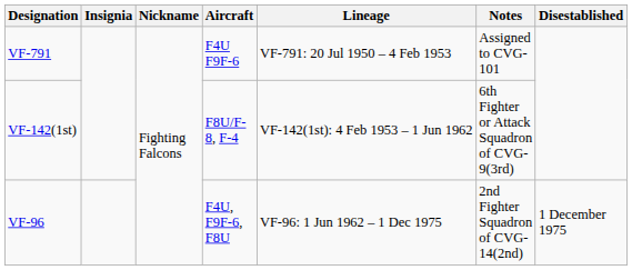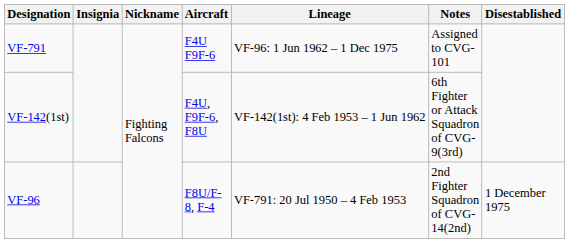 <table class="wikitable">
 <tr>
 <th>Designation</th>
 <th>Insignia</th>
 <th>Nickname</th>
 <th>Aircraft</th>
 <th>Lineage</th>
 <th>Notes</th>
 <th>Disestablished</th>
 </tr>
 <tr>
 <td><a href='#'>VF-791</a></td>
 <td rowspan="2"></td>
 <td rowspan="3">Fighting Falcons</td>
 <td><a href='#'>F4U</a><br><a href='#'>F9F-6</a></td>
-<td>VF-791: 20 Jul 1950 – 4 Feb 1953</td>
+<td>VF-96: 1 Jun 1962 – 1 Dec 1975</td>
 <td>Assigned to CVG-101</td>
 </tr>
 <tr>
 <td><a href='#'>VF-142</a>(1st)</td>
-<td><a href='#'>F8U/F-8</a>, <a href='#'>F-4</a></td>
+<td><a href='#'>F4U</a>, <a href='#'>F9F-6</a>, <a href='#'>F8U</a></td>
 <td style="white-space: nowrap;">VF-142(1st): 4 Feb 1953 – 1 Jun 1962</td>
 <td>6th Fighter or Attack Squadron of CVG-9(3rd)</td>
 </tr>
 <tr>
 <td><a href='#'>VF-96</a></td>
 <td></td>
-<td><a href='#'>F4U</a>, <a href='#'>F9F-6</a>, <a href='#'>F8U</a></td>
-<td>VF-96: 1 Jun 1962 – 1 Dec 1975</td>
+<td><a href='#'>F8U/F-8</a>, <a href='#'>F-4</a></td>
+<td>VF-791: 20 Jul 1950 – 4 Feb 1953</td>
 <td>2nd Fighter Squadron of CVG-14(2nd)</td>
 <td>1 December 1975</td>
 </tr>
 </table>
